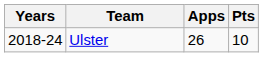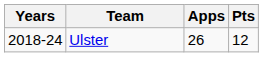 <table class="wikitable" style="text-align:left;">
 <tr>
 <th>Years</th>
 <th width=120px>Team</th>
 <th>Apps</th>
 <th>Pts</th>
 </tr>
 <tr>
 <td>2018-24</td>
 <td><a href='#'>Ulster</a></td>
 <td>26</td>
-<td>10</td>
+<td>12</td>
 </tr>
 </table>
